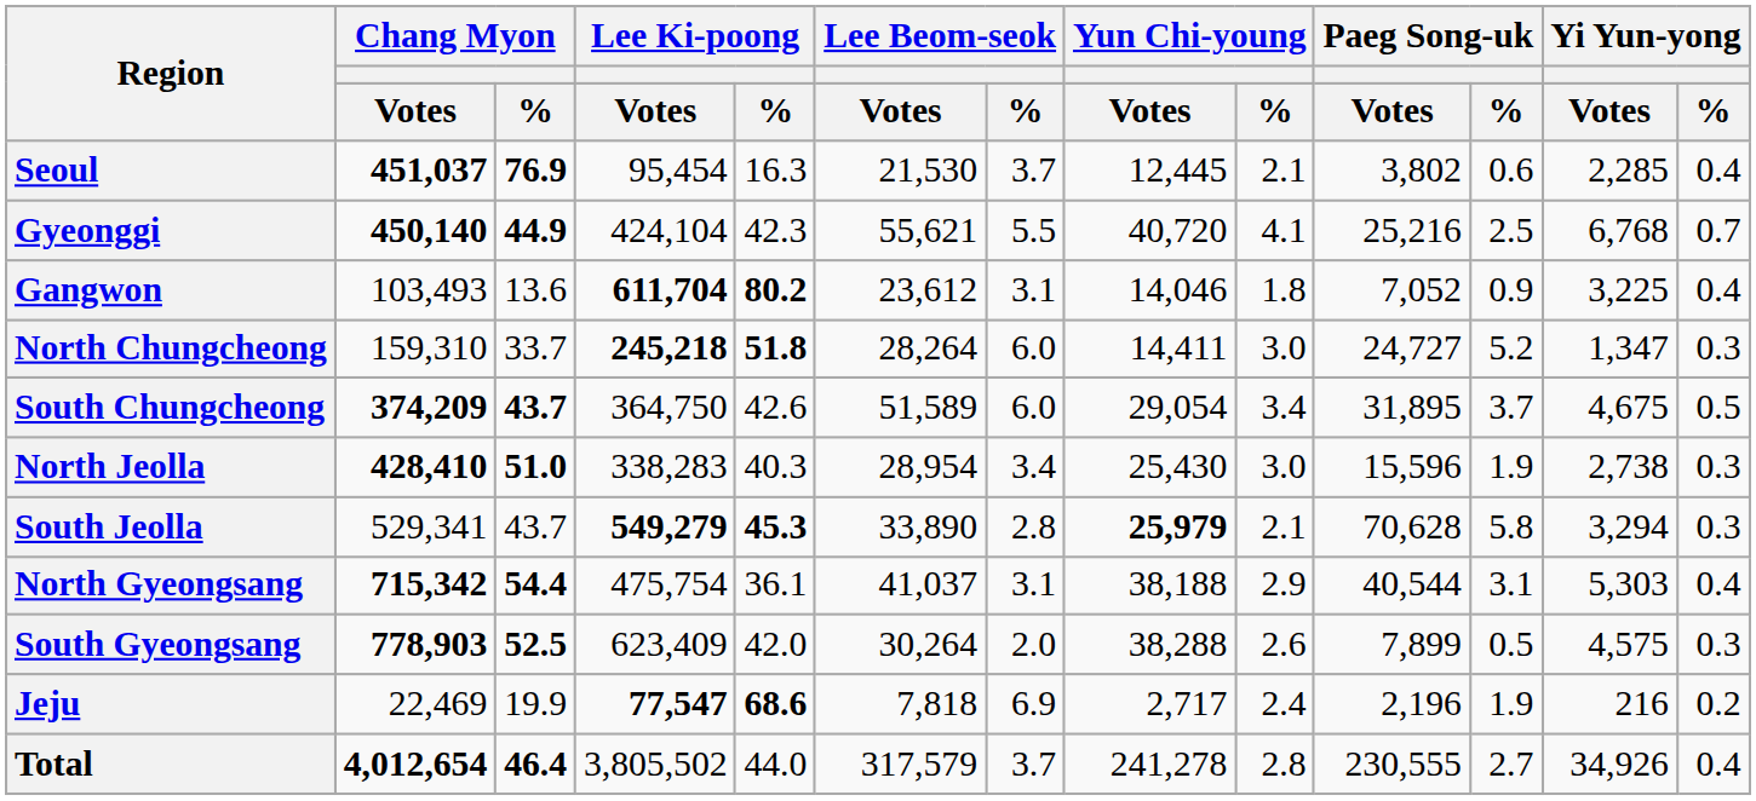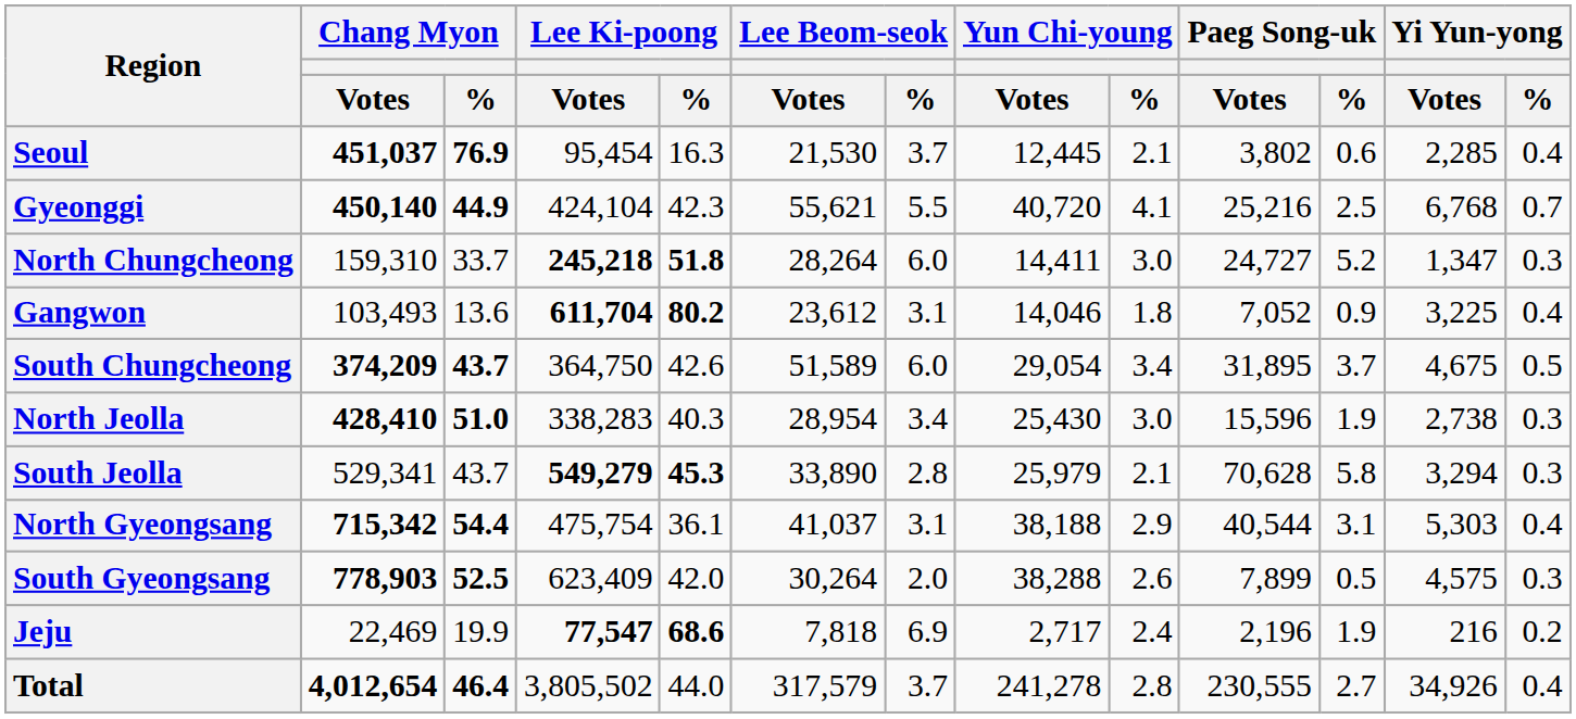 <table class="wikitable" style="text-align:center; font-size: 0.9em;">
 <tr>
 <th rowspan="3">Region</th>
 <th colspan="2"><a href='#'>Chang Myon</a></th>
 <th colspan="2"><a href='#'>Lee Ki-poong</a></th>
 <th colspan="2"><a href='#'>Lee Beom-seok</a></th>
 <th colspan="2"><a href='#'>Yun Chi-young</a></th>
 <th colspan="2">Paeg Song-uk</th>
 <th colspan="2">Yi Yun-yong</th>
 </tr>
 <tr>
 <th colspan="2" style="background:"></th>
 <th colspan="2" style="background:"></th>
 <th colspan="2" style="background:"></th>
 <th colspan="2" style="background:"></th>
 <th colspan="2" style="background:"></th>
 <th colspan="2" style="background:"></th>
 </tr>
 <tr>
 <th>Votes</th>
 <th>%</th>
 <th>Votes</th>
 <th>%</th>
 <th>Votes</th>
 <th>%</th>
 <th>Votes</th>
 <th>%</th>
 <th>Votes</th>
 <th>%</th>
 <th>Votes</th>
 <th>%</th>
 </tr>
 <tr>
 <th style="text-align: left;"><a href='#'>Seoul</a></th>
 <td align="right"><strong>451,037</strong></td>
 <td align="right"><strong>76.9</strong></td>
 <td align="right">95,454</td>
 <td align="right">16.3</td>
 <td align="right">21,530</td>
 <td align="right">3.7</td>
 <td align="right">12,445</td>
 <td align="right">2.1</td>
 <td align="right">3,802</td>
 <td align="right">0.6</td>
 <td align="right">2,285</td>
 <td align="right">0.4</td>
 </tr>
 <tr>
 <th style="text-align: left;"><a href='#'>Gyeonggi</a></th>
 <td align="right"><strong>450,140</strong></td>
 <td align="right"><strong>44.9</strong></td>
 <td align="right">424,104</td>
 <td align="right">42.3</td>
 <td align="right">55,621</td>
 <td align="right">5.5</td>
 <td align="right">40,720</td>
 <td align="right">4.1</td>
 <td align="right">25,216</td>
 <td align="right">2.5</td>
 <td align="right">6,768</td>
 <td align="right">0.7</td>
 </tr>
 <tr>
+<th style="text-align: left;"><a href='#'>North Chungcheong</a></th>
+<td align="right">159,310</td>
+<td align="right">33.7</td>
+<td align="right"><strong>245,218</strong></td>
+<td align="right"><strong>51.8</strong></td>
+<td align="right">28,264</td>
+<td align="right">6.0</td>
+<td align="right">14,411</td>
+<td align="right">3.0</td>
+<td align="right">24,727</td>
+<td align="right">5.2</td>
+<td align="right">1,347</td>
+<td align="right">0.3</td>
+</tr>
+<tr>
 <th style="text-align: left;"><a href='#'>Gangwon</a></th>
 <td align="right">103,493</td>
 <td align="right">13.6</td>
 <td align="right"><strong>611,704</strong></td>
 <td align="right"><strong>80.2</strong></td>
 <td align="right">23,612</td>
 <td align="right">3.1</td>
 <td align="right">14,046</td>
 <td align="right">1.8</td>
 <td align="right">7,052</td>
 <td align="right">0.9</td>
 <td align="right">3,225</td>
 <td align="right">0.4</td>
-</tr>
-<tr>
-<th style="text-align: left;"><a href='#'>North Chungcheong</a></th>
-<td align="right">159,310</td>
-<td align="right">33.7</td>
-<td align="right"><strong>245,218</strong></td>
-<td align="right"><strong>51.8</strong></td>
-<td align="right">28,264</td>
-<td align="right">6.0</td>
-<td align="right">14,411</td>
-<td align="right">3.0</td>
-<td align="right">24,727</td>
-<td align="right">5.2</td>
-<td align="right">1,347</td>
-<td align="right">0.3</td>
 </tr>
 <tr>
 <th style="text-align: left;"><a href='#'>South Chungcheong</a></th>
 <td align="right"><strong>374,209</strong></td>
 <td align="right"><strong>43.7</strong></td>
 <td align="right">364,750</td>
 <td align="right">42.6</td>
 <td align="right">51,589</td>
 <td align="right">6.0</td>
 <td align="right">29,054</td>
 <td align="right">3.4</td>
 <td align="right">31,895</td>
 <td align="right">3.7</td>
 <td align="right">4,675</td>
 <td align="right">0.5</td>
 </tr>
 <tr>
 <th style="text-align: left;"><a href='#'>North Jeolla</a></th>
 <td align="right"><strong>428,410</strong></td>
 <td align="right"><strong>51.0</strong></td>
 <td align="right">338,283</td>
 <td align="right">40.3</td>
 <td align="right">28,954</td>
 <td align="right">3.4</td>
 <td align="right">25,430</td>
 <td align="right">3.0</td>
 <td align="right">15,596</td>
 <td align="right">1.9</td>
 <td align="right">2,738</td>
 <td align="right">0.3</td>
 </tr>
 <tr>
 <th style="text-align: left;"><a href='#'>South Jeolla</a></th>
 <td align="right">529,341</td>
 <td align="right">43.7</td>
 <td align="right"><strong>549,279</strong></td>
 <td align="right"><strong>45.3</strong></td>
 <td align="right">33,890</td>
 <td align="right">2.8</td>
-<td align="right"><strong>25,979</strong></td>
+<td align="right">25,979</td>
 <td align="right">2.1</td>
 <td align="right">70,628</td>
 <td align="right">5.8</td>
 <td align="right">3,294</td>
 <td align="right">0.3</td>
 </tr>
 <tr>
 <th style="text-align: left;"><a href='#'>North Gyeongsang</a></th>
 <td align="right"><strong>715,342</strong></td>
 <td align="right"><strong>54.4</strong></td>
 <td align="right">475,754</td>
 <td align="right">36.1</td>
 <td align="right">41,037</td>
 <td align="right">3.1</td>
 <td align="right">38,188</td>
 <td align="right">2.9</td>
 <td align="right">40,544</td>
 <td align="right">3.1</td>
 <td align="right">5,303</td>
 <td align="right">0.4</td>
 </tr>
 <tr>
 <th style="text-align: left;"><a href='#'>South Gyeongsang</a></th>
 <td align="right"><strong>778,903</strong></td>
 <td align="right"><strong>52.5</strong></td>
 <td align="right">623,409</td>
 <td align="right">42.0</td>
 <td align="right">30,264</td>
 <td align="right">2.0</td>
 <td align="right">38,288</td>
 <td align="right">2.6</td>
 <td align="right">7,899</td>
 <td align="right">0.5</td>
 <td align="right">4,575</td>
 <td align="right">0.3</td>
 </tr>
 <tr>
 <th style="text-align: left;"><a href='#'>Jeju</a></th>
 <td align="right">22,469</td>
 <td align="right">19.9</td>
 <td align="right"><strong>77,547</strong></td>
 <td align="right"><strong>68.6</strong></td>
 <td align="right">7,818</td>
 <td align="right">6.9</td>
 <td align="right">2,717</td>
 <td align="right">2.4</td>
 <td align="right">2,196</td>
 <td align="right">1.9</td>
 <td align="right">216</td>
 <td align="right">0.2</td>
 </tr>
 <tr class="sortbottom">
 <th style="text-align: left;">Total</th>
 <td align="right"><strong>4,012,654</strong></td>
 <td align="right"><strong>46.4</strong></td>
 <td align="right">3,805,502</td>
 <td align="right">44.0</td>
 <td align="right">317,579</td>
 <td align="right">3.7</td>
 <td align="right">241,278</td>
 <td align="right">2.8</td>
 <td align="right">230,555</td>
 <td align="right">2.7</td>
 <td align="right">34,926</td>
 <td align="right">0.4</td>
 </tr>
 </table>
